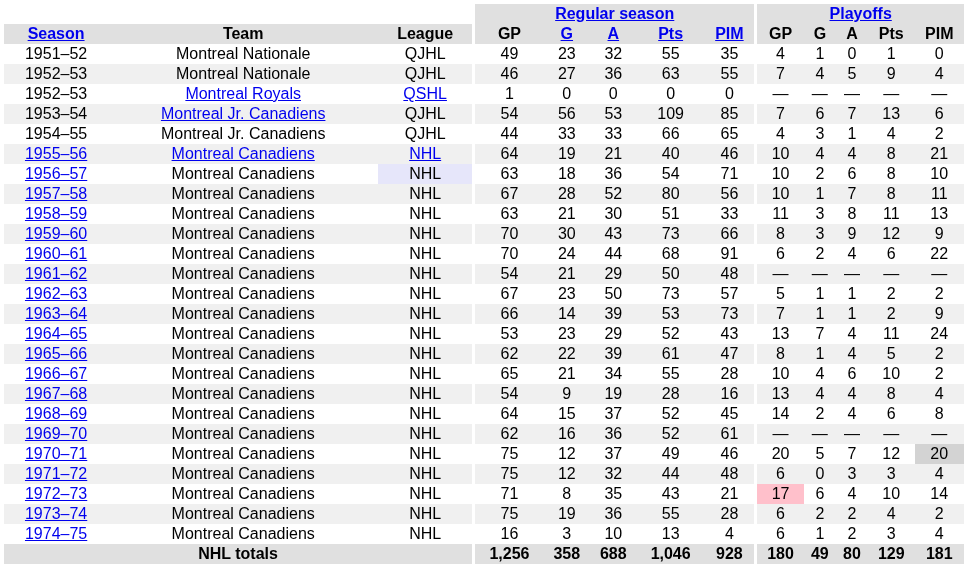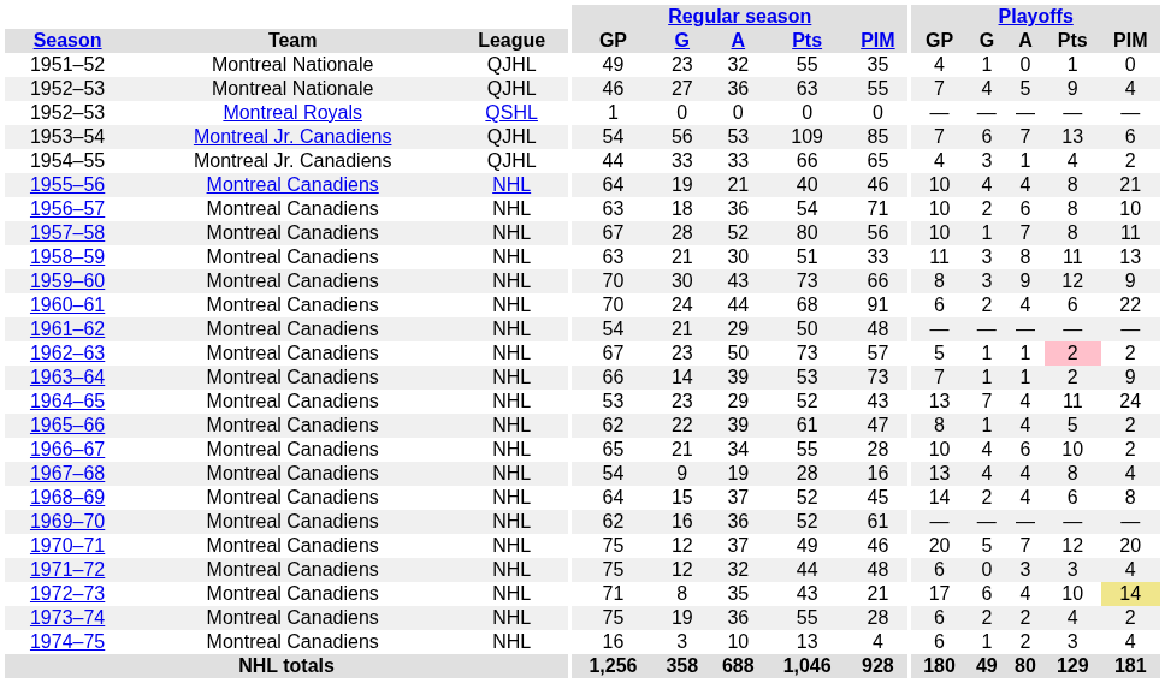 <table border="0" cellpadding="1" cellspacing="0" style="text-align:center; width:60em">
 <tr bgcolor="#e0e0e0">
 <th colspan="3" bgcolor="#ffffff"></th>
 <th rowspan="100" bgcolor="#ffffff"></th>
 <th colspan="5"><a href='#'>Regular season</a></th>
 <th rowspan="100" bgcolor="#ffffff"></th>
 <th colspan="5"><a href='#'>Playoffs</a></th>
 </tr>
 <tr bgcolor="#e0e0e0">
 <th><a href='#'>Season</a></th>
 <th>Team</th>
 <th>League</th>
 <th>GP</th>
 <th><a href='#'>G</a></th>
 <th><a href='#'>A</a></th>
 <th><a href='#'>Pts</a></th>
 <th><a href='#'>PIM</a></th>
 <th>GP</th>
 <th>G</th>
 <th>A</th>
 <th>Pts</th>
 <th>PIM</th>
 </tr>
 <tr>
 <td>1951–52</td>
 <td>Montreal Nationale</td>
 <td>QJHL</td>
 <td>49</td>
 <td>23</td>
 <td>32</td>
 <td>55</td>
 <td>35</td>
 <td>4</td>
 <td>1</td>
 <td>0</td>
 <td>1</td>
 <td>0</td>
 </tr>
 <tr bgcolor="#f0f0f0">
 <td>1952–53</td>
 <td>Montreal Nationale</td>
 <td>QJHL</td>
 <td>46</td>
 <td>27</td>
 <td>36</td>
 <td>63</td>
 <td>55</td>
 <td>7</td>
 <td>4</td>
 <td>5</td>
 <td>9</td>
 <td>4</td>
 </tr>
 <tr>
 <td>1952–53</td>
 <td><a href='#'>Montreal Royals</a></td>
 <td><a href='#'>QSHL</a></td>
 <td>1</td>
 <td>0</td>
 <td>0</td>
 <td>0</td>
 <td>0</td>
 <td>—</td>
 <td>—</td>
 <td>—</td>
 <td>—</td>
 <td>—</td>
 </tr>
 <tr bgcolor="#f0f0f0">
 <td>1953–54</td>
 <td><a href='#'>Montreal Jr. Canadiens</a></td>
 <td>QJHL</td>
 <td>54</td>
 <td>56</td>
 <td>53</td>
 <td>109</td>
 <td>85</td>
 <td>7</td>
 <td>6</td>
 <td>7</td>
 <td>13</td>
 <td>6</td>
 </tr>
 <tr>
 <td>1954–55</td>
 <td>Montreal Jr. Canadiens</td>
 <td>QJHL</td>
 <td>44</td>
 <td>33</td>
 <td>33</td>
 <td>66</td>
 <td>65</td>
 <td>4</td>
 <td>3</td>
 <td>1</td>
 <td>4</td>
 <td>2</td>
 </tr>
 <tr bgcolor="#f0f0f0">
 <td><a href='#'>1955–56</a></td>
 <td><a href='#'>Montreal Canadiens</a></td>
 <td><a href='#'>NHL</a></td>
 <td>64</td>
 <td>19</td>
 <td>21</td>
 <td>40</td>
 <td>46</td>
 <td>10</td>
 <td>4</td>
 <td>4</td>
 <td>8</td>
 <td>21</td>
 </tr>
 <tr>
 <td><a href='#'>1956–57</a></td>
 <td>Montreal Canadiens</td>
-<td style="background: lavender;">NHL</td>
+<td>NHL</td>
 <td>63</td>
 <td>18</td>
 <td>36</td>
 <td>54</td>
 <td>71</td>
 <td>10</td>
 <td>2</td>
 <td>6</td>
 <td>8</td>
 <td>10</td>
 </tr>
 <tr bgcolor="#f0f0f0">
 <td><a href='#'>1957–58</a></td>
 <td>Montreal Canadiens</td>
 <td>NHL</td>
 <td>67</td>
 <td>28</td>
 <td>52</td>
 <td>80</td>
 <td>56</td>
 <td>10</td>
 <td>1</td>
 <td>7</td>
 <td>8</td>
 <td>11</td>
 </tr>
 <tr>
 <td><a href='#'>1958–59</a></td>
 <td>Montreal Canadiens</td>
 <td>NHL</td>
 <td>63</td>
 <td>21</td>
 <td>30</td>
 <td>51</td>
 <td>33</td>
 <td>11</td>
 <td>3</td>
 <td>8</td>
 <td>11</td>
 <td>13</td>
 </tr>
 <tr bgcolor="#f0f0f0">
 <td><a href='#'>1959–60</a></td>
 <td>Montreal Canadiens</td>
 <td>NHL</td>
 <td>70</td>
 <td>30</td>
 <td>43</td>
 <td>73</td>
 <td>66</td>
 <td>8</td>
 <td>3</td>
 <td>9</td>
 <td>12</td>
 <td>9</td>
 </tr>
 <tr>
 <td><a href='#'>1960–61</a></td>
 <td>Montreal Canadiens</td>
 <td>NHL</td>
 <td>70</td>
 <td>24</td>
 <td>44</td>
 <td>68</td>
 <td>91</td>
 <td>6</td>
 <td>2</td>
 <td>4</td>
 <td>6</td>
 <td>22</td>
 </tr>
 <tr bgcolor="#f0f0f0">
 <td><a href='#'>1961–62</a></td>
 <td>Montreal Canadiens</td>
 <td>NHL</td>
 <td>54</td>
 <td>21</td>
 <td>29</td>
 <td>50</td>
 <td>48</td>
 <td>—</td>
 <td>—</td>
 <td>—</td>
 <td>—</td>
 <td>—</td>
 </tr>
 <tr>
 <td><a href='#'>1962–63</a></td>
 <td>Montreal Canadiens</td>
 <td>NHL</td>
 <td>67</td>
 <td>23</td>
 <td>50</td>
 <td>73</td>
 <td>57</td>
 <td>5</td>
 <td>1</td>
 <td>1</td>
-<td>2</td>
+<td style="background: pink;">2</td>
 <td>2</td>
 </tr>
 <tr bgcolor="#f0f0f0">
 <td><a href='#'>1963–64</a></td>
 <td>Montreal Canadiens</td>
 <td>NHL</td>
 <td>66</td>
 <td>14</td>
 <td>39</td>
 <td>53</td>
 <td>73</td>
 <td>7</td>
 <td>1</td>
 <td>1</td>
 <td>2</td>
 <td>9</td>
 </tr>
 <tr>
 <td><a href='#'>1964–65</a></td>
 <td>Montreal Canadiens</td>
 <td>NHL</td>
 <td>53</td>
 <td>23</td>
 <td>29</td>
 <td>52</td>
 <td>43</td>
 <td>13</td>
 <td>7</td>
 <td>4</td>
 <td>11</td>
 <td>24</td>
 </tr>
 <tr bgcolor="#f0f0f0">
 <td><a href='#'>1965–66</a></td>
 <td>Montreal Canadiens</td>
 <td>NHL</td>
 <td>62</td>
 <td>22</td>
 <td>39</td>
 <td>61</td>
 <td>47</td>
 <td>8</td>
 <td>1</td>
 <td>4</td>
 <td>5</td>
 <td>2</td>
 </tr>
 <tr>
 <td><a href='#'>1966–67</a></td>
 <td>Montreal Canadiens</td>
 <td>NHL</td>
 <td>65</td>
 <td>21</td>
 <td>34</td>
 <td>55</td>
 <td>28</td>
 <td>10</td>
 <td>4</td>
 <td>6</td>
 <td>10</td>
 <td>2</td>
 </tr>
 <tr bgcolor="#f0f0f0">
 <td><a href='#'>1967–68</a></td>
 <td>Montreal Canadiens</td>
 <td>NHL</td>
 <td>54</td>
 <td>9</td>
 <td>19</td>
 <td>28</td>
 <td>16</td>
 <td>13</td>
 <td>4</td>
 <td>4</td>
 <td>8</td>
 <td>4</td>
 </tr>
 <tr>
 <td><a href='#'>1968–69</a></td>
 <td>Montreal Canadiens</td>
 <td>NHL</td>
 <td>64</td>
 <td>15</td>
 <td>37</td>
 <td>52</td>
 <td>45</td>
 <td>14</td>
 <td>2</td>
 <td>4</td>
 <td>6</td>
 <td>8</td>
 </tr>
 <tr bgcolor="#f0f0f0">
 <td><a href='#'>1969–70</a></td>
 <td>Montreal Canadiens</td>
 <td>NHL</td>
 <td>62</td>
 <td>16</td>
 <td>36</td>
 <td>52</td>
 <td>61</td>
 <td>—</td>
 <td>—</td>
 <td>—</td>
 <td>—</td>
 <td>—</td>
 </tr>
 <tr>
 <td><a href='#'>1970–71</a></td>
 <td>Montreal Canadiens</td>
 <td>NHL</td>
 <td>75</td>
 <td>12</td>
 <td>37</td>
 <td>49</td>
 <td>46</td>
 <td>20</td>
 <td>5</td>
 <td>7</td>
 <td>12</td>
-<td style="background: lightgrey;">20</td>
+<td>20</td>
 </tr>
 <tr bgcolor="#f0f0f0">
 <td><a href='#'>1971–72</a></td>
 <td>Montreal Canadiens</td>
 <td>NHL</td>
 <td>75</td>
 <td>12</td>
 <td>32</td>
 <td>44</td>
 <td>48</td>
 <td>6</td>
 <td>0</td>
 <td>3</td>
 <td>3</td>
 <td>4</td>
 </tr>
 <tr>
 <td><a href='#'>1972–73</a></td>
 <td>Montreal Canadiens</td>
 <td>NHL</td>
 <td>71</td>
 <td>8</td>
 <td>35</td>
 <td>43</td>
 <td>21</td>
-<td style="background: pink;">17</td>
+<td>17</td>
 <td>6</td>
 <td>4</td>
 <td>10</td>
-<td>14</td>
+<td style="background: khaki;">14</td>
 </tr>
 <tr bgcolor="#f0f0f0">
 <td><a href='#'>1973–74</a></td>
 <td>Montreal Canadiens</td>
 <td>NHL</td>
 <td>75</td>
 <td>19</td>
 <td>36</td>
 <td>55</td>
 <td>28</td>
 <td>6</td>
 <td>2</td>
 <td>2</td>
 <td>4</td>
 <td>2</td>
 </tr>
 <tr>
 <td><a href='#'>1974–75</a></td>
 <td>Montreal Canadiens</td>
 <td>NHL</td>
 <td>16</td>
 <td>3</td>
 <td>10</td>
 <td>13</td>
 <td>4</td>
 <td>6</td>
 <td>1</td>
 <td>2</td>
 <td>3</td>
 <td>4</td>
 </tr>
 <tr bgcolor="#e0e0e0">
 <th colspan="3">NHL totals</th>
 <th>1,256</th>
 <th>358</th>
 <th>688</th>
 <th>1,046</th>
 <th>928</th>
 <th>180</th>
 <th>49</th>
 <th>80</th>
 <th>129</th>
 <th>181</th>
 </tr>
 </table>
